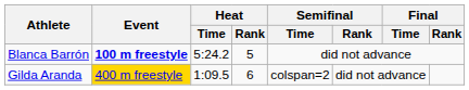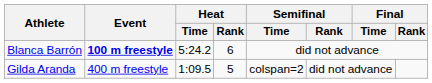 <table class=wikitable style="font-size:90%">
 <tr>
 <th rowspan=2>Athlete</th>
 <th rowspan=2>Event</th>
 <th colspan=2>Heat</th>
 <th colspan=2>Semifinal</th>
 <th colspan=2>Final</th>
 </tr>
 <tr style="font-size:95%">
 <th>Time</th>
 <th>Rank</th>
 <th>Time</th>
 <th>Rank</th>
 <th>Time</th>
 <th>Rank</th>
 </tr>
 <tr align=center>
 <td align=left><a href='#'>Blanca Barrón</a></td>
 <td align=left><strong><a href='#'>100 m freestyle</a></strong></td>
 <td>5:24.2</td>
-<td>5</td>
+<td>6</td>
 <td colspan=4>did not advance</td>
 </tr>
 <tr align=center>
 <td align=left><a href='#'>Gilda Aranda</a></td>
-<td align=left style="background: gold;"><a href='#'>400 m freestyle</a></td>
+<td align=left><a href='#'>400 m freestyle</a></td>
 <td>1:09.5</td>
-<td>6</td>
+<td>5</td>
 <td>colspan=2 </td>
 <td colspan=2>did not advance</td>
 </tr>
 </table>
